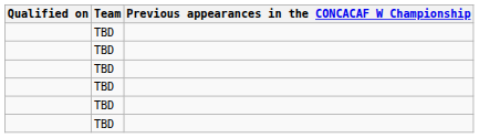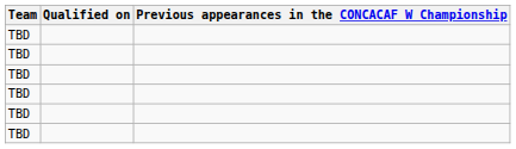 <table class="wikitable sortable">
 <tr>
+<th>Team</th>
 <th>Qualified on</th>
-<th>Team</th>
 <th data-sort-type="number">Previous appearances in the <a href='#'>CONCACAF W Championship</a></th>
 </tr>
 <tr>
+<td>TBD</td>
 <td></td>
-<td>TBD</td>
 <td></td>
 </tr>
 <tr>
+<td>TBD</td>
 <td></td>
-<td>TBD</td>
 <td></td>
 </tr>
 <tr>
+<td>TBD</td>
 <td></td>
-<td>TBD</td>
 <td></td>
 </tr>
 <tr>
+<td>TBD</td>
 <td></td>
-<td>TBD</td>
 <td></td>
 </tr>
 <tr>
+<td>TBD</td>
 <td></td>
-<td>TBD</td>
 <td></td>
 </tr>
 <tr>
+<td>TBD</td>
 <td></td>
-<td>TBD</td>
 <td></td>
 </tr>
 </table>
